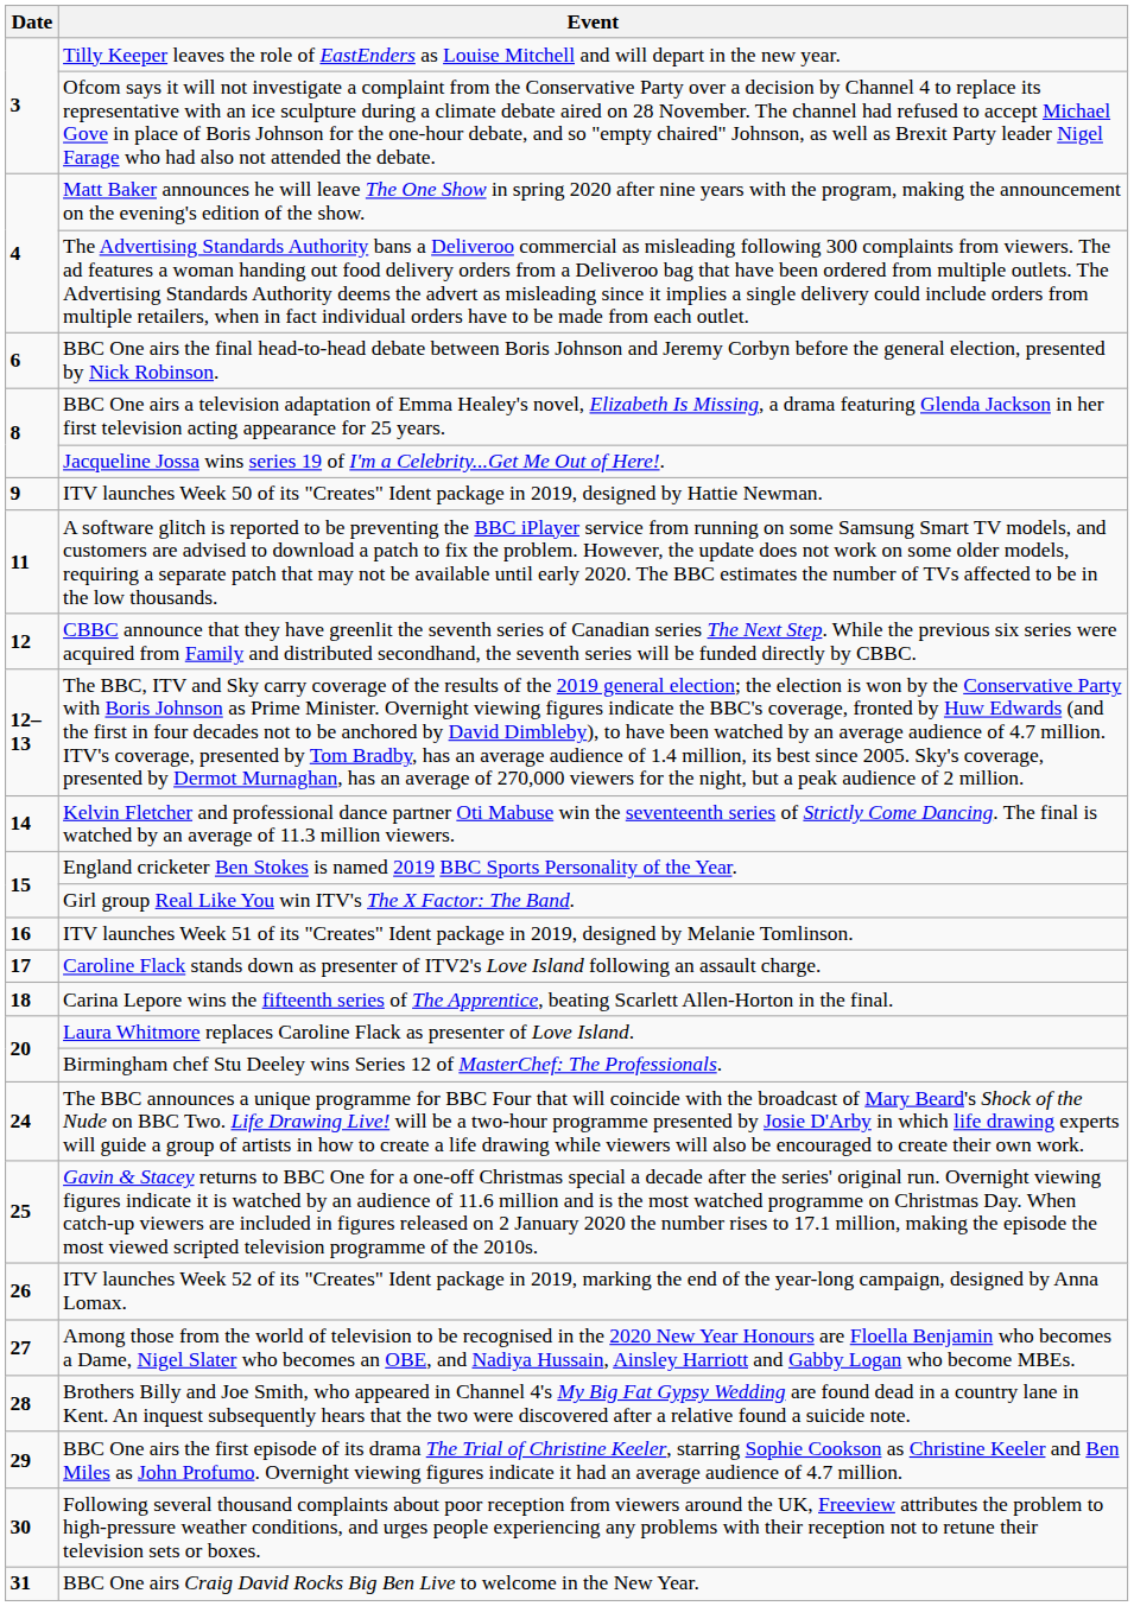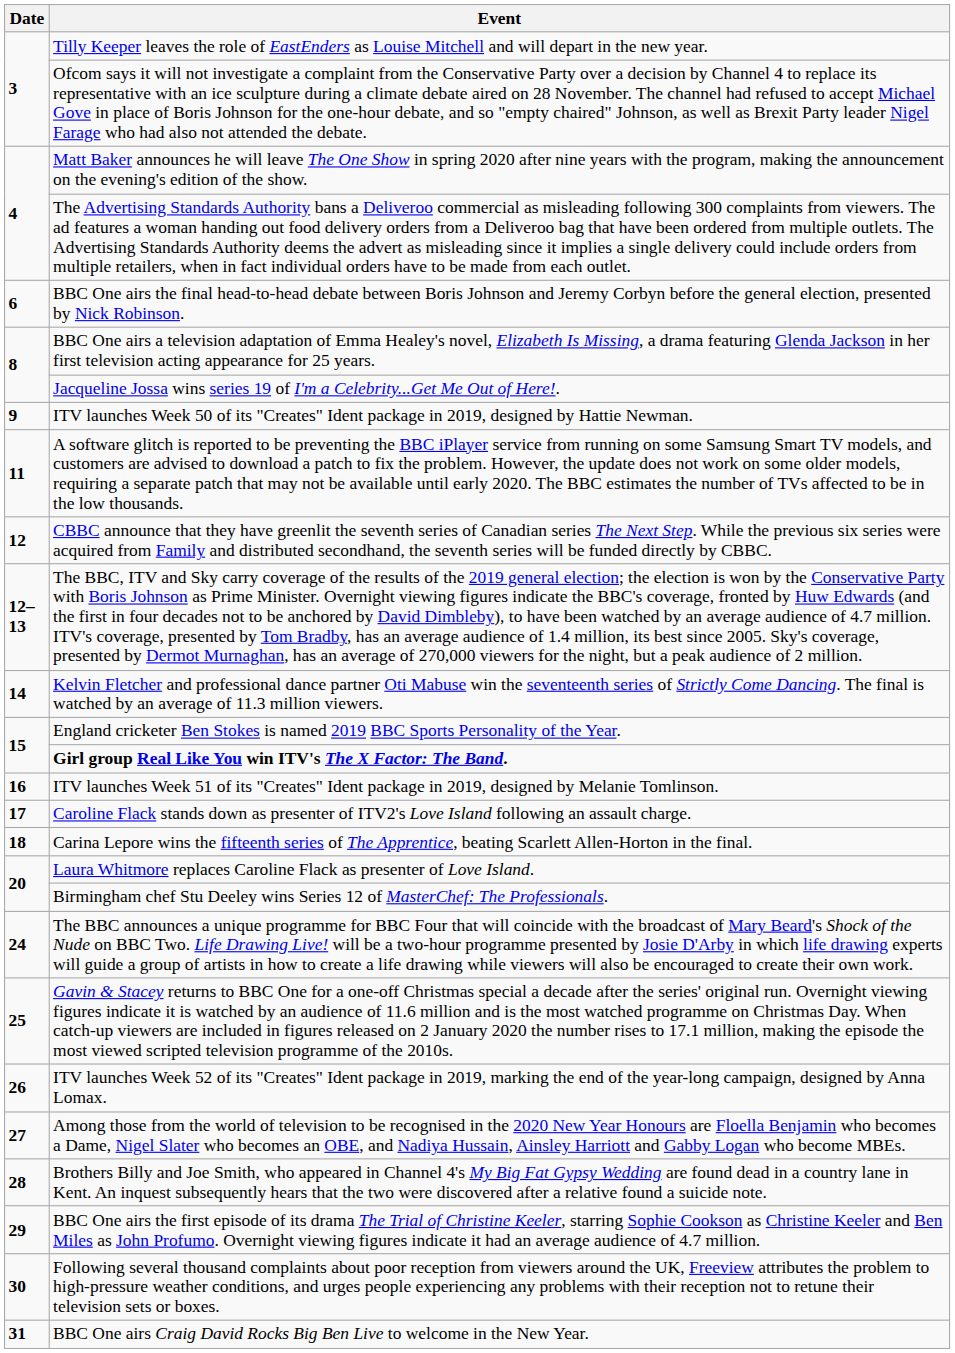 <table class="wikitable">
 <tr>
 <th>Date</th>
 <th>Event</th>
 </tr>
 <tr>
 <td rowspan=2><strong>3</strong></td>
 <td><a href='#'>Tilly Keeper</a> leaves the role of <em><a href='#'>EastEnders</a></em> as <a href='#'>Louise Mitchell</a> and will depart in the new year.</td>
 </tr>
 <tr>
 <td>Ofcom says it will not investigate a complaint from the Conservative Party over a decision by Channel 4 to replace its representative with an ice sculpture during a climate debate aired on 28 November. The channel had refused to accept <a href='#'>Michael Gove</a> in place of Boris Johnson for the one-hour debate, and so "empty chaired" Johnson, as well as Brexit Party leader <a href='#'>Nigel Farage</a> who had also not attended the debate.</td>
 </tr>
 <tr>
 <td rowspan=2><strong>4</strong></td>
 <td><a href='#'>Matt Baker</a> announces he will leave <em><a href='#'>The One Show</a></em> in spring 2020 after nine years with the program, making the announcement on the evening's edition of the show.</td>
 </tr>
 <tr>
 <td>The <a href='#'>Advertising Standards Authority</a> bans a <a href='#'>Deliveroo</a> commercial as misleading following 300 complaints from viewers. The ad features a woman handing out food delivery orders from a Deliveroo bag that have been ordered from multiple outlets. The Advertising Standards Authority deems the advert as misleading since it implies a single delivery could include orders from multiple retailers, when in fact individual orders have to be made from each outlet.</td>
 </tr>
 <tr>
 <td><strong>6</strong></td>
 <td>BBC One airs the final head-to-head debate between Boris Johnson and Jeremy Corbyn before the general election, presented by <a href='#'>Nick Robinson</a>.</td>
 </tr>
 <tr>
 <td rowspan=2><strong>8</strong></td>
 <td>BBC One airs a television adaptation of Emma Healey's novel, <em><a href='#'>Elizabeth Is Missing</a></em>, a drama featuring <a href='#'>Glenda Jackson</a> in her first television acting appearance for 25 years.</td>
 </tr>
 <tr>
 <td><a href='#'>Jacqueline Jossa</a> wins <a href='#'>series 19</a> of <em><a href='#'>I'm a Celebrity...Get Me Out of Here!</a></em>.</td>
 </tr>
 <tr>
 <td><strong>9</strong></td>
 <td>ITV launches Week 50 of its "Creates" Ident package in 2019, designed by Hattie Newman.</td>
 </tr>
 <tr>
 <td><strong>11</strong></td>
 <td>A software glitch is reported to be preventing the <a href='#'>BBC iPlayer</a> service from running on some Samsung Smart TV models, and customers are advised to download a patch to fix the problem. However, the update does not work on some older models, requiring a separate patch that may not be available until early 2020. The BBC estimates the number of TVs affected to be in the low thousands.</td>
 </tr>
 <tr>
 <td><strong>12</strong></td>
 <td><a href='#'>CBBC</a> announce that they have greenlit the seventh series of Canadian series <em><a href='#'>The Next Step</a></em>. While the previous six series were acquired from <a href='#'>Family</a> and distributed secondhand, the seventh series will be funded directly by CBBC.</td>
 </tr>
 <tr>
 <td><strong>12–13</strong></td>
 <td>The BBC, ITV and Sky carry coverage of the results of the <a href='#'>2019 general election</a>; the election is won by the <a href='#'>Conservative Party</a> with <a href='#'>Boris Johnson</a> as Prime Minister. Overnight viewing figures indicate the BBC's coverage, fronted by <a href='#'>Huw Edwards</a> (and the first in four decades not to be anchored by <a href='#'>David Dimbleby</a>), to have been watched by an average audience of 4.7 million. ITV's coverage, presented by <a href='#'>Tom Bradby</a>, has an average audience of 1.4 million, its best since 2005. Sky's coverage, presented by <a href='#'>Dermot Murnaghan</a>, has an average of 270,000 viewers for the night, but a peak audience of 2 million.</td>
 </tr>
 <tr>
 <td><strong>14</strong></td>
 <td><a href='#'>Kelvin Fletcher</a> and professional dance partner <a href='#'>Oti Mabuse</a> win the <a href='#'>seventeenth series</a> of <em><a href='#'>Strictly Come Dancing</a></em>. The final is watched by an average of 11.3 million viewers.</td>
 </tr>
 <tr>
 <td rowspan=2><strong>15</strong></td>
 <td>England cricketer <a href='#'>Ben Stokes</a> is named <a href='#'>2019</a> <a href='#'>BBC Sports Personality of the Year</a>.</td>
 </tr>
 <tr>
-<td>Girl group <a href='#'>Real Like You</a> win ITV's <em><a href='#'>The X Factor: The Band</a></em>.</td>
+<td><strong>Girl group <a href='#'>Real Like You</a> win ITV's <em><a href='#'>The X Factor: The Band</a></em>.</strong></td>
 </tr>
 <tr>
 <td><strong>16</strong></td>
 <td>ITV launches Week 51 of its "Creates" Ident package in 2019, designed by Melanie Tomlinson.</td>
 </tr>
 <tr>
 <td><strong>17</strong></td>
 <td><a href='#'>Caroline Flack</a> stands down as presenter of ITV2's <em>Love Island</em> following an assault charge.</td>
 </tr>
 <tr>
 <td><strong>18</strong></td>
 <td>Carina Lepore wins the <a href='#'>fifteenth series</a> of <em><a href='#'>The Apprentice</a></em>, beating Scarlett Allen-Horton in the final.</td>
 </tr>
 <tr>
 <td rowspan=2><strong>20</strong></td>
 <td><a href='#'>Laura Whitmore</a> replaces Caroline Flack as presenter of <em>Love Island</em>.</td>
 </tr>
 <tr>
 <td>Birmingham chef Stu Deeley wins Series 12 of <em><a href='#'>MasterChef: The Professionals</a></em>.</td>
 </tr>
 <tr>
 <td><strong>24</strong></td>
 <td>The BBC announces a unique programme for BBC Four that will coincide with the broadcast of <a href='#'>Mary Beard</a>'s <em>Shock of the Nude</em> on BBC Two. <em><a href='#'>Life Drawing Live!</a></em> will be a two-hour programme presented by <a href='#'>Josie D'Arby</a> in which <a href='#'>life drawing</a> experts will guide a group of artists in how to create a life drawing while viewers will also be encouraged to create their own work.</td>
 </tr>
 <tr>
 <td><strong>25</strong></td>
 <td><em><a href='#'>Gavin & Stacey</a></em> returns to BBC One for a one-off Christmas special a decade after the series' original run. Overnight viewing figures indicate it is watched by an audience of 11.6 million and is the most watched programme on Christmas Day. When catch-up viewers are included in figures released on 2 January 2020 the number rises to 17.1 million, making the episode the most viewed scripted television programme of the 2010s.</td>
 </tr>
 <tr>
 <td><strong>26</strong></td>
 <td>ITV launches Week 52 of its "Creates" Ident package in 2019, marking the end of the year-long campaign, designed by Anna Lomax.</td>
 </tr>
 <tr>
 <td><strong>27</strong></td>
 <td>Among those from the world of television to be recognised in the <a href='#'>2020 New Year Honours</a> are <a href='#'>Floella Benjamin</a> who becomes a Dame, <a href='#'>Nigel Slater</a> who becomes an <a href='#'>OBE</a>, and <a href='#'>Nadiya Hussain</a>, <a href='#'>Ainsley Harriott</a> and <a href='#'>Gabby Logan</a> who become MBEs.</td>
 </tr>
 <tr>
 <td><strong>28</strong></td>
 <td>Brothers Billy and Joe Smith, who appeared in Channel 4's <em><a href='#'>My Big Fat Gypsy Wedding</a></em> are found dead in a country lane in Kent. An inquest subsequently hears that the two were discovered after a relative found a suicide note.</td>
 </tr>
 <tr>
 <td><strong>29</strong></td>
 <td>BBC One airs the first episode of its drama <em><a href='#'>The Trial of Christine Keeler</a></em>, starring <a href='#'>Sophie Cookson</a> as <a href='#'>Christine Keeler</a> and <a href='#'>Ben Miles</a> as <a href='#'>John Profumo</a>. Overnight viewing figures indicate it had an average audience of 4.7 million.</td>
 </tr>
 <tr>
 <td><strong>30</strong></td>
 <td>Following several thousand complaints about poor reception from viewers around the UK, <a href='#'>Freeview</a> attributes the problem to high-pressure weather conditions, and urges people experiencing any problems with their reception not to retune their television sets or boxes.</td>
 </tr>
 <tr>
 <td><strong>31</strong></td>
 <td>BBC One airs <em>Craig David Rocks Big Ben Live</em> to welcome in the New Year.</td>
 </tr>
 </table>
